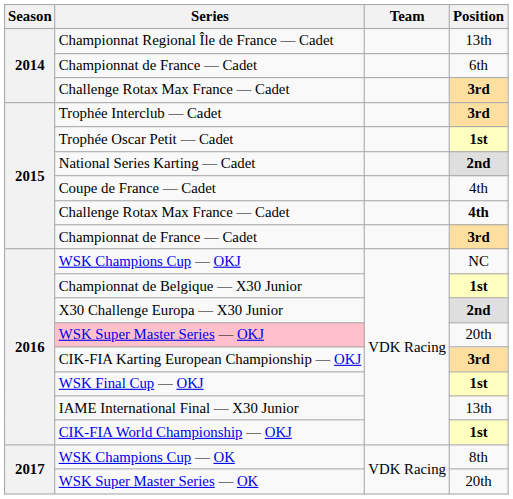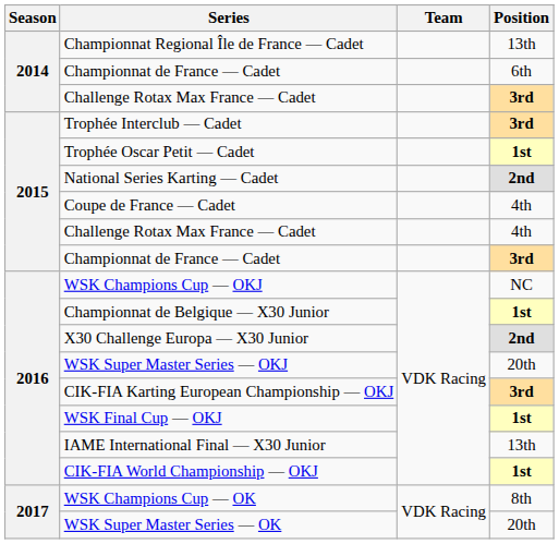 <table class="wikitable karting" style="font-size: 85%; text-align:center">
 <tr>
 <th>Season</th>
 <th>Series</th>
 <th>Team</th>
 <th>Position</th>
 </tr>
 <tr>
 <th rowspan="3">2014</th>
 <td align="left">Championnat Regional Île de France — Cadet</td>
 <td align="left"></td>
 <td>13th</td>
 </tr>
 <tr>
 <td align="left">Championnat de France — Cadet</td>
 <td align="left"></td>
 <td>6th</td>
 </tr>
 <tr>
 <td align="left">Challenge Rotax Max France — Cadet</td>
 <td align="left"></td>
 <td style="background:#FFDF9F;"><strong>3rd</strong></td>
 </tr>
 <tr>
 <th rowspan="6">2015</th>
 <td align="left">Trophée Interclub — Cadet</td>
 <td align="left"></td>
 <td style="background:#FFDF9F;"><strong>3rd</strong></td>
 </tr>
 <tr>
 <td align="left">Trophée Oscar Petit — Cadet</td>
 <td></td>
 <td style="background:#FFFFBF;"><strong>1st</strong></td>
 </tr>
 <tr>
 <td align="left">National Series Karting — Cadet</td>
 <td align="left"></td>
 <td style="background:#DFDFDF;"><strong>2nd</strong></td>
 </tr>
 <tr>
 <td align="left">Coupe de France — Cadet</td>
 <td align="left"></td>
 <td>4th</td>
 </tr>
 <tr>
 <td align="left">Challenge Rotax Max France — Cadet</td>
 <td align="left"></td>
-<td><strong>4th</strong></td>
+<td>4th</td>
 </tr>
 <tr>
 <td align="left">Championnat de France — Cadet</td>
 <td align="left"></td>
 <td style="background:#FFDF9F;"><strong>3rd</strong></td>
 </tr>
 <tr>
 <th rowspan="8">2016</th>
 <td align="left"><a href='#'>WSK Champions Cup</a> — <a href='#'>OKJ</a></td>
 <td rowspan="8"  align="left">VDK Racing</td>
 <td>NC</td>
 </tr>
 <tr>
 <td align="left">Championnat de Belgique — X30 Junior</td>
 <td style="background:#FFFFBF;"><strong>1st</strong></td>
 </tr>
 <tr>
 <td align="left">X30 Challenge Europa — X30 Junior</td>
 <td style="background:#DFDFDF;"><strong>2nd</strong></td>
 </tr>
 <tr>
-<td align="left" style="background: pink;"><a href='#'>WSK Super Master Series</a> — <a href='#'>OKJ</a></td>
+<td align="left"><a href='#'>WSK Super Master Series</a> — <a href='#'>OKJ</a></td>
 <td>20th</td>
 </tr>
 <tr>
 <td align="left">CIK-FIA Karting European Championship — <a href='#'>OKJ</a></td>
 <td style="background:#FFDF9F;"><strong>3rd</strong></td>
 </tr>
 <tr>
 <td align="left"><a href='#'>WSK Final Cup</a> — <a href='#'>OKJ</a></td>
 <td style="background:#FFFFBF;"><strong>1st</strong></td>
 </tr>
 <tr>
 <td align="left">IAME International Final — X30 Junior</td>
 <td>13th</td>
 </tr>
 <tr>
 <td align="left"><a href='#'>CIK-FIA World Championship</a> — <a href='#'>OKJ</a></td>
 <td style="background:#FFFFBF;"><strong>1st</strong></td>
 </tr>
 <tr>
 <th rowspan="2">2017</th>
 <td align="left"><a href='#'>WSK Champions Cup</a> — <a href='#'>OK</a></td>
 <td rowspan="2"  align="left">VDK Racing</td>
 <td>8th</td>
 </tr>
 <tr>
 <td align="left"><a href='#'>WSK Super Master Series</a> — <a href='#'>OK</a></td>
 <td>20th</td>
 </tr>
 </table>
